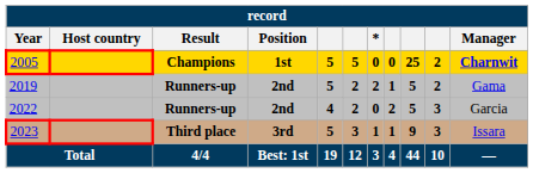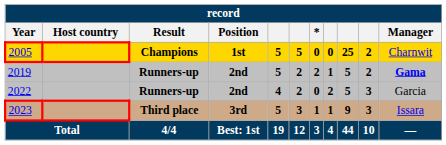 <table class="wikitable" style="text-align: center; width: 600px">
 <tr>
 <th colspan="11" style="background: #013A5E; color: #FFFFFF;"><a href='#'></a> record</th>
 </tr>
 <tr>
 <th>Year</th>
 <th>Host country</th>
 <th>Result</th>
 <th>Position</th>
 <th></th>
 <th></th>
 <th>*</th>
 <th></th>
 <th></th>
 <th></th>
 <th>Manager</th>
 </tr>
 <tr style="background:gold">
 <td style="border: 3px solid red; text-align: left"><a href='#'>2005</a></td>
 <td style="border: 3px solid red; text-align: left"></td>
 <td><strong>Champions</strong></td>
 <td><strong>1st</strong></td>
 <td><strong>5</strong></td>
 <td><strong>5</strong></td>
 <td><strong>0</strong></td>
 <td><strong>0</strong></td>
 <td><strong>25</strong></td>
 <td><strong>2</strong></td>
-<td><strong><a href='#'>Charnwit</a></strong></td>
+<td><a href='#'>Charnwit</a></td>
 </tr>
 <tr |- style="background:silver;">
 <td style="text-align: left"><a href='#'>2019</a></td>
 <td style="text-align: left"></td>
 <td><strong>Runners-up</strong></td>
 <td><strong>2nd</strong></td>
 <td><strong>5</strong></td>
 <td><strong>2</strong></td>
 <td><strong>2</strong></td>
 <td><strong>1</strong></td>
 <td><strong>5</strong></td>
 <td><strong>2</strong></td>
-<td><a href='#'>Gama</a></td>
+<td><strong><a href='#'>Gama</a></strong></td>
 </tr>
 <tr |- style="background:silver;">
 <td style="text-align: left"><a href='#'>2022</a></td>
 <td style="text-align: left"></td>
 <td><strong>Runners-up</strong></td>
 <td><strong>2nd</strong></td>
 <td><strong>4</strong></td>
 <td><strong>2</strong></td>
 <td><strong>0</strong></td>
 <td><strong>2</strong></td>
 <td><strong>5</strong></td>
 <td><strong>3</strong></td>
 <td>Garcia</td>
 </tr>
 <tr style="background:#cfaa88;">
 <td style="border: 3px solid red; text-align: left"><a href='#'>2023</a></td>
 <td style="border: 3px solid red; text-align: left"></td>
 <td><strong>Third place</strong></td>
 <td><strong>3rd</strong></td>
 <td><strong>5</strong></td>
 <td><strong>3</strong></td>
 <td><strong>1</strong></td>
 <td><strong>1</strong></td>
 <td><strong>9</strong></td>
 <td><strong>3</strong></td>
 <td><a href='#'>Issara</a></td>
 </tr>
 <tr style="background: #013A5E; color: #FFFFFF;">
 <td colspan="2"><strong>Total</strong></td>
 <td><strong>4/4</strong></td>
 <td><strong>Best: 1st</strong></td>
 <td><strong>19</strong></td>
 <td><strong>12</strong></td>
 <td><strong>3</strong></td>
 <td><strong>4</strong></td>
 <td><strong>44</strong></td>
 <td><strong>10</strong></td>
 <td><strong>—</strong></td>
 </tr>
 </table>
